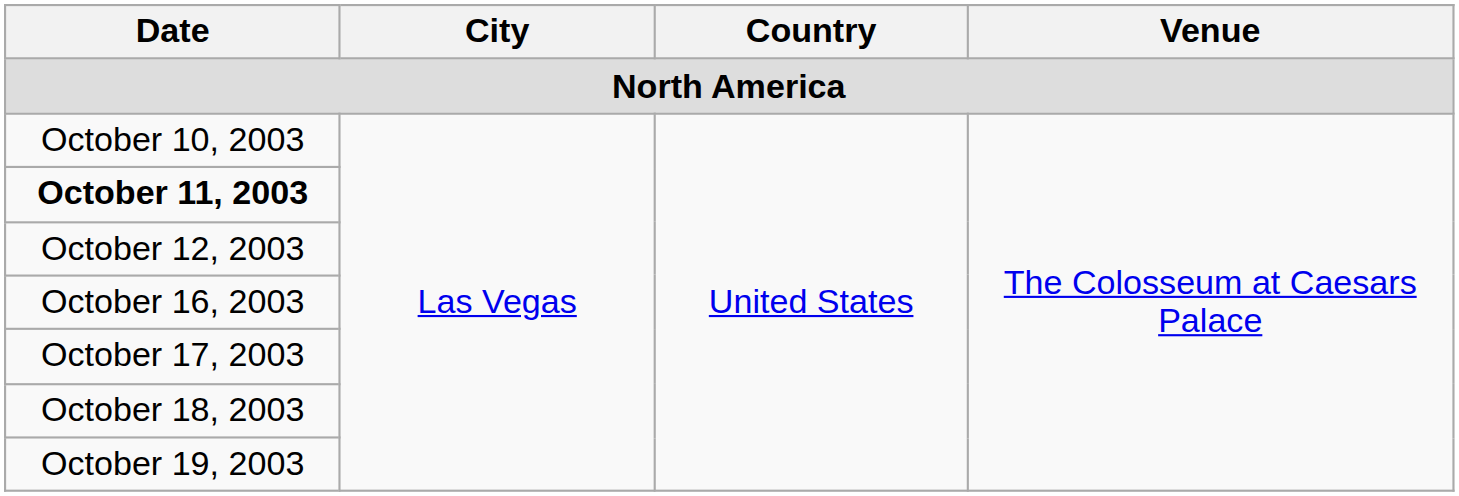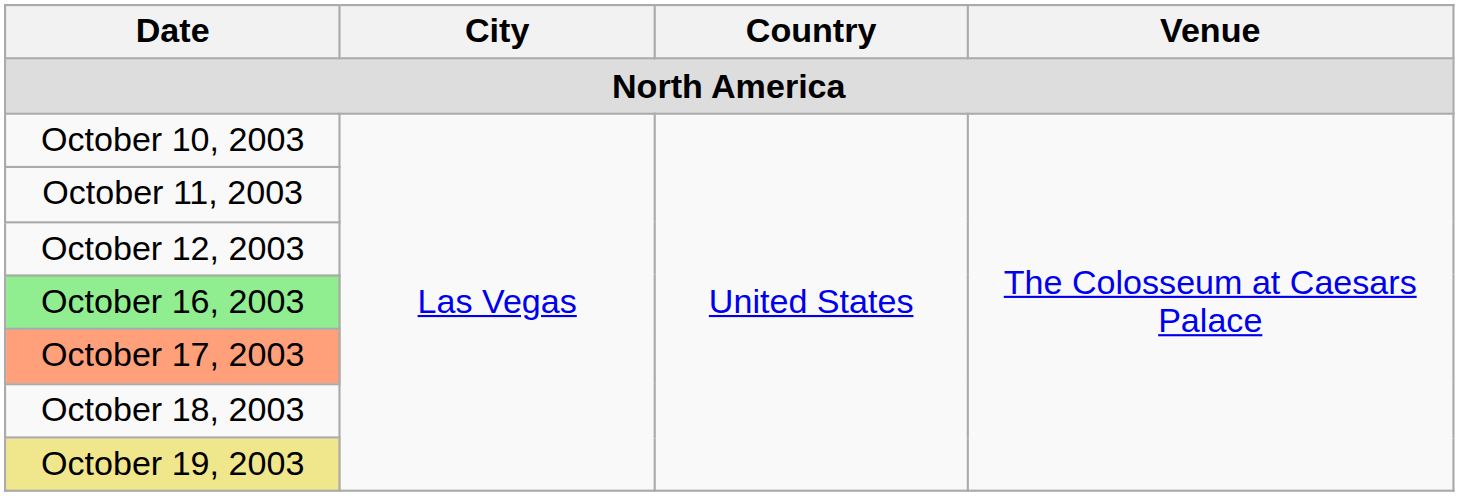 <table class="wikitable" style="text-align:center;">
 <tr>
 <th width="150">Date</th>
 <th width="140">City</th>
 <th width="140">Country</th>
 <th width="220">Venue</th>
 </tr>
 <tr bgcolor="#DDDDDD">
 <td colspan=4><strong>North America</strong></td>
 </tr>
 <tr>
 <td>October 10, 2003</td>
 <td rowspan="7"><a href='#'>Las Vegas</a></td>
 <td rowspan="7"><a href='#'>United States</a></td>
 <td rowspan="7"><a href='#'>The Colosseum at Caesars Palace</a></td>
 </tr>
 <tr>
-<td><strong>October 11, 2003</strong></td>
+<td>October 11, 2003</td>
 </tr>
 <tr>
 <td>October 12, 2003</td>
 </tr>
 <tr>
-<td>October 16, 2003</td>
+<td style="background: lightgreen;">October 16, 2003</td>
 </tr>
 <tr>
-<td>October 17, 2003</td>
+<td style="background: lightsalmon;">October 17, 2003</td>
 </tr>
 <tr>
 <td>October 18, 2003</td>
 </tr>
 <tr>
-<td>October 19, 2003</td>
+<td style="background: khaki;">October 19, 2003</td>
 </tr>
 </table>
